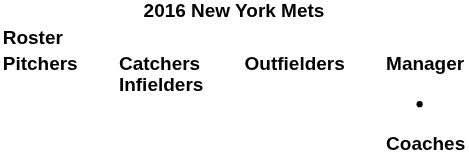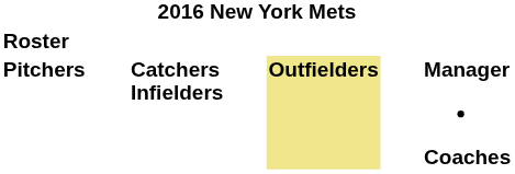 <table class="toccolours" style="font-size: 95%;">
 <tr>
 <th colspan="10">2016 New York Mets</th>
 </tr>
 <tr>
 <td colspan="10"><strong>Roster</strong></td>
 </tr>
 <tr>
 <td valign="top"><strong>Pitchers</strong><br>                     </td>
 <td width="25px"></td>
 <td valign="top"><strong>Catchers</strong><br>   <strong>Infielders</strong>             </td>
 <td width="25px"></td>
-<td valign="top"><strong>Outfielders</strong><br>       </td>
+<td valign="top" style="background: khaki;"><strong>Outfielders</strong><br>       </td>
 <td width="25px"></td>
 <td valign="top"><strong>Manager</strong><br><ul><li></li></ul><strong>Coaches</strong>                  </td>
 </tr>
 </table>
